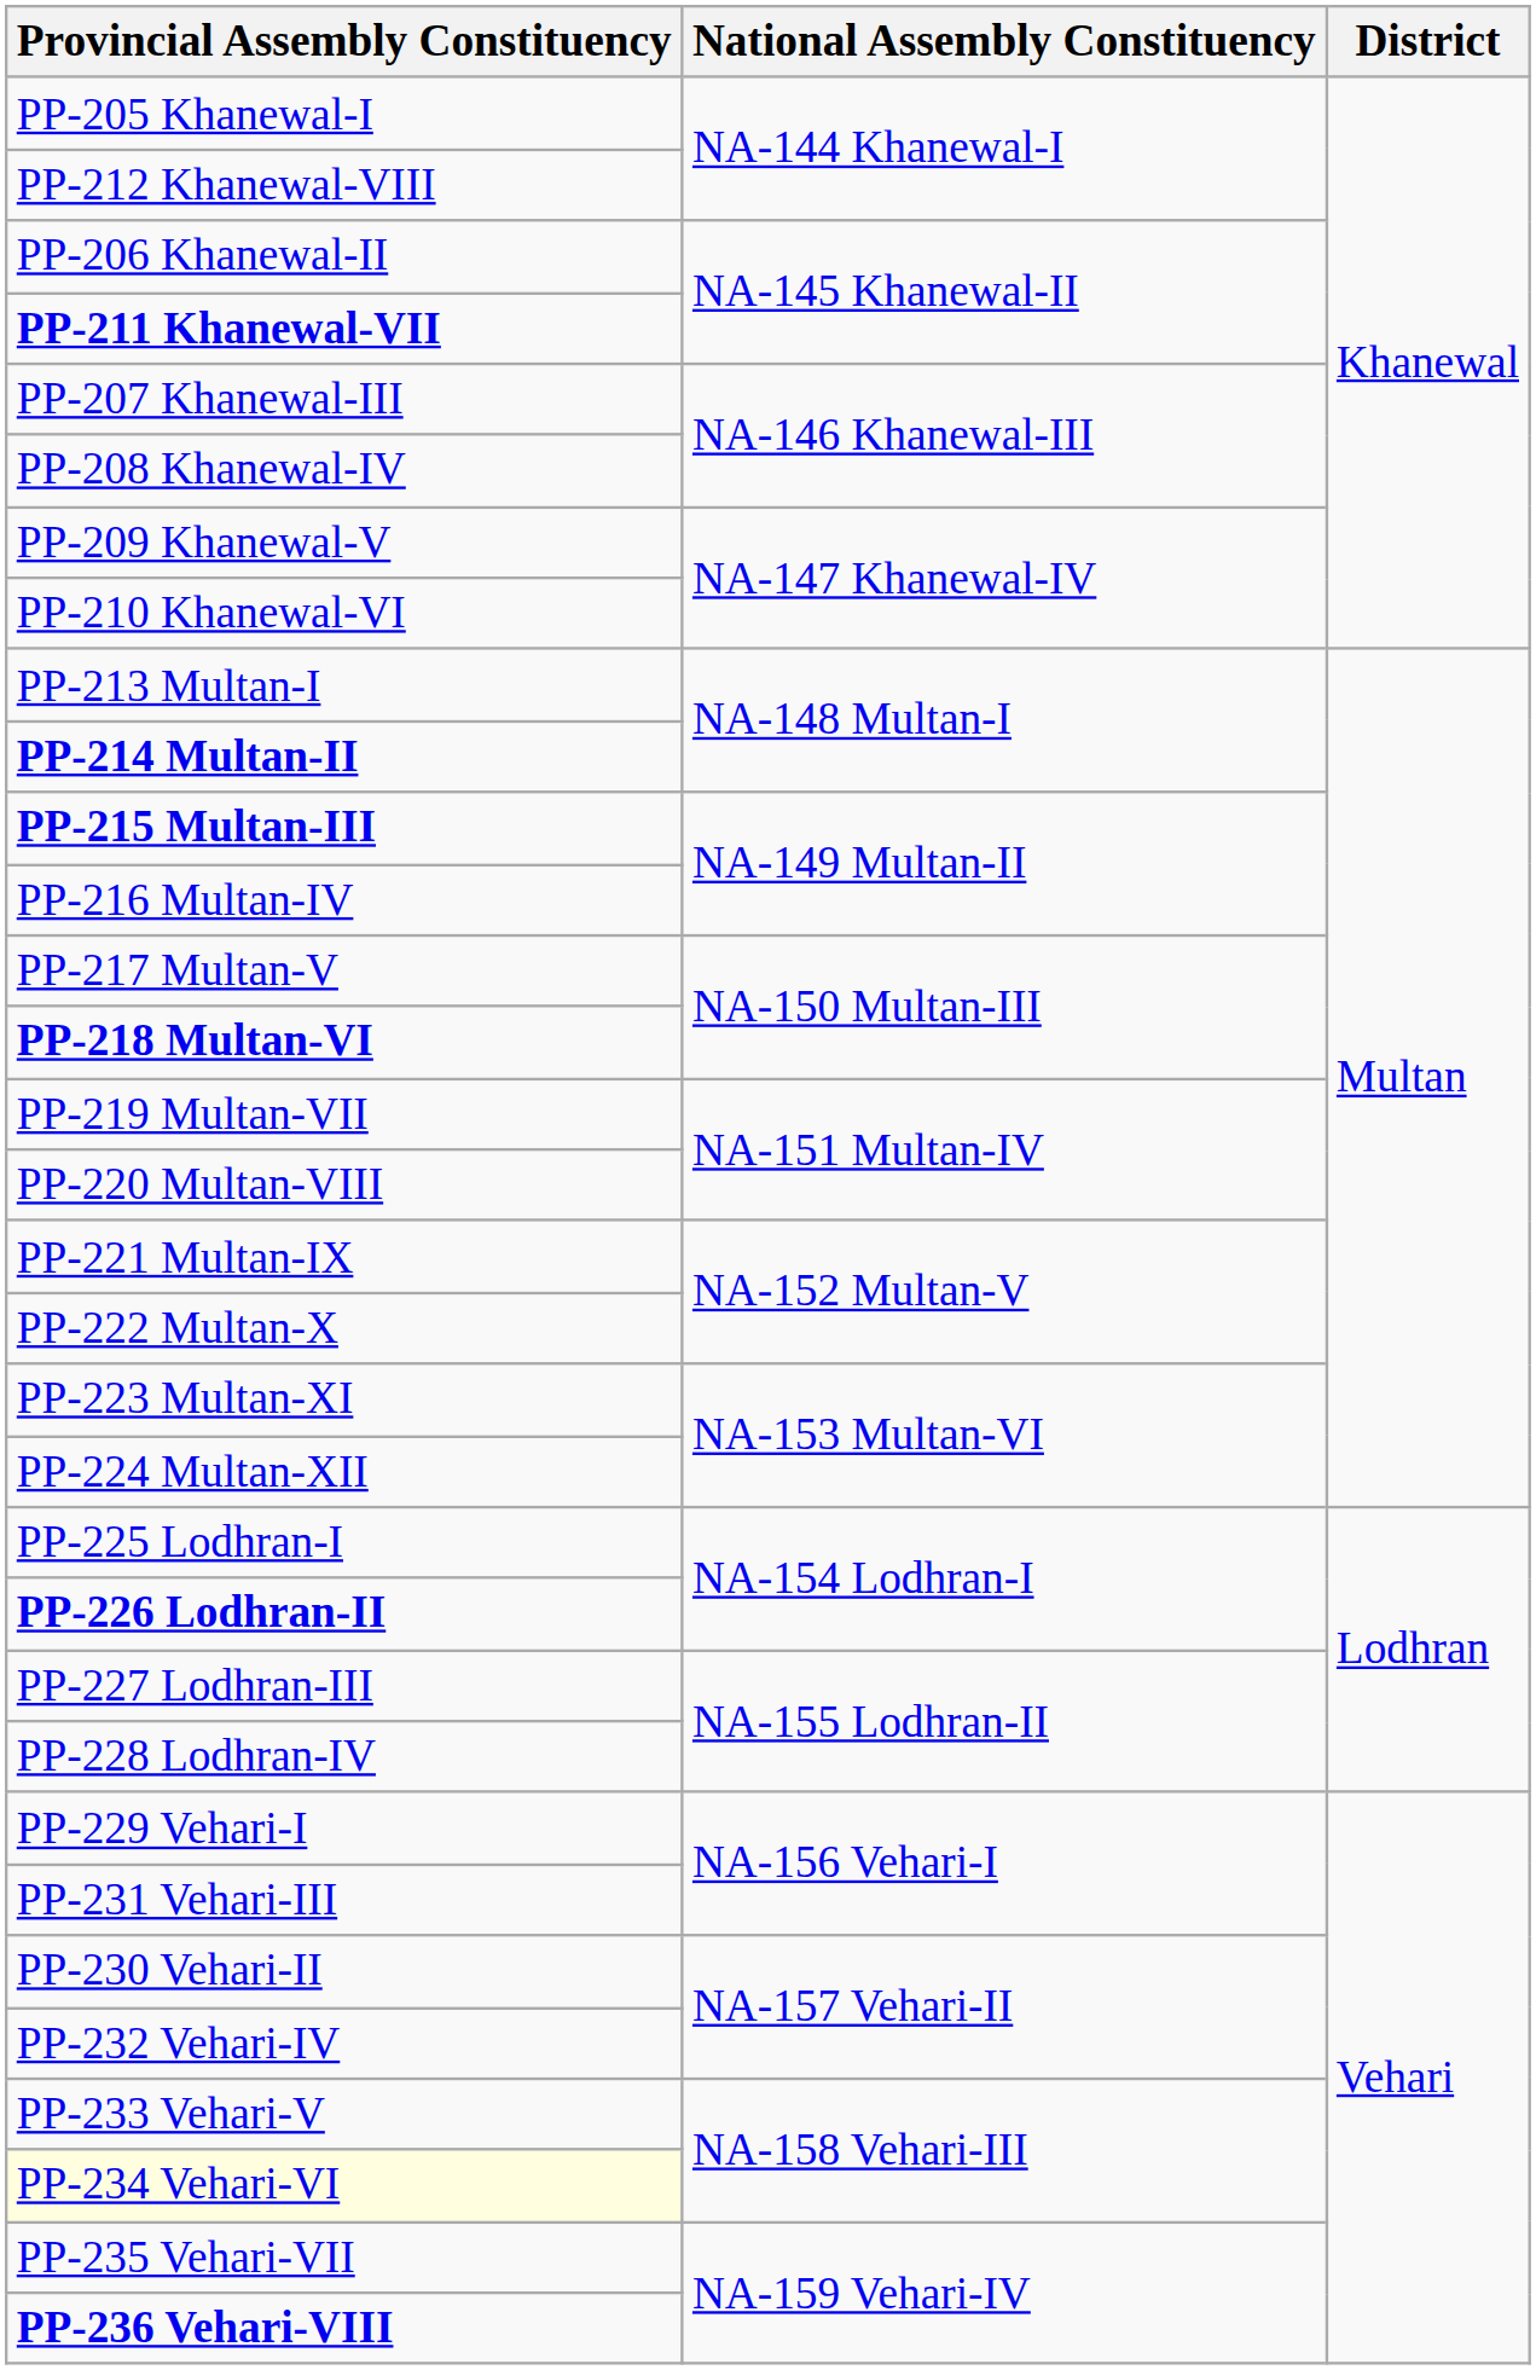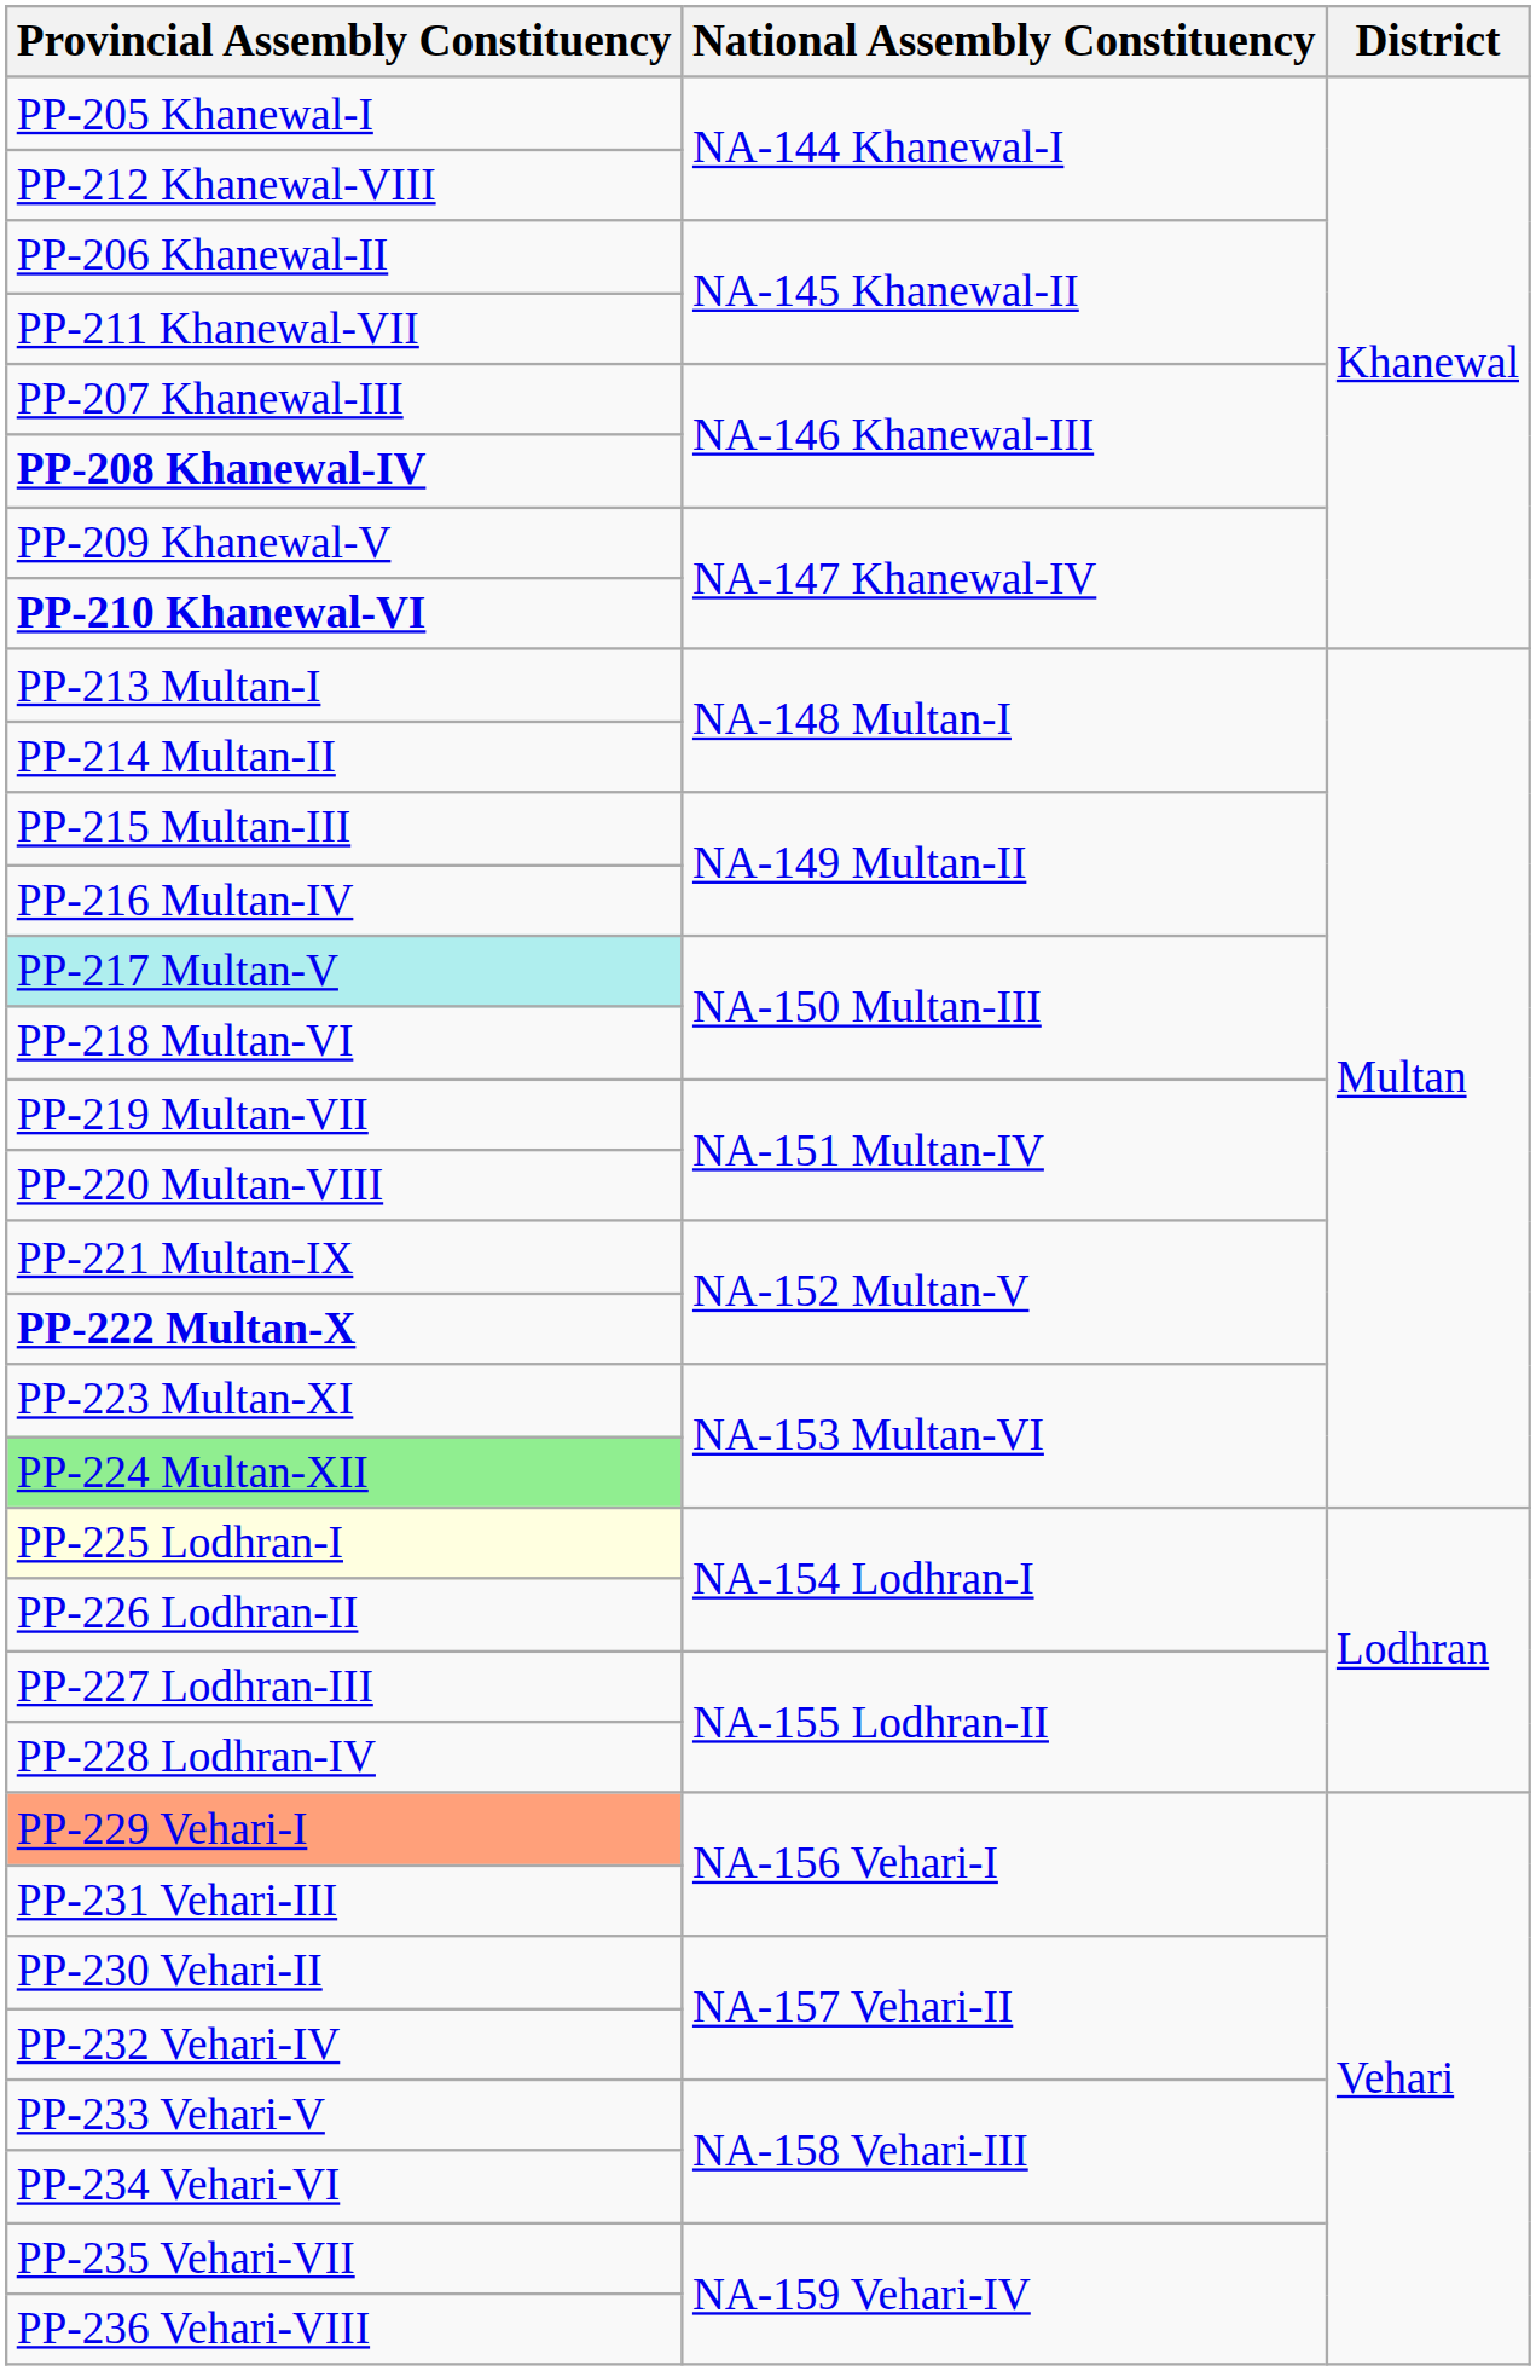 <table class="wikitable sortable static-row-numbers static-row-header-hash">
 <tr>
 <th>Provincial Assembly Constituency</th>
 <th>National Assembly Constituency</th>
 <th>District</th>
 </tr>
 <tr>
 <td><a href='#'>PP-205 Khanewal-I</a></td>
 <td rowspan="2"><a href='#'>NA-144 Khanewal-I</a></td>
 <td rowspan="8"><a href='#'>Khanewal</a></td>
 </tr>
 <tr>
 <td><a href='#'>PP-212 Khanewal-VIII</a></td>
 </tr>
 <tr>
 <td><a href='#'>PP-206 Khanewal-II</a></td>
 <td rowspan="2"><a href='#'>NA-145 Khanewal-II</a></td>
 </tr>
 <tr>
-<td><strong><a href='#'>PP-211 Khanewal-VII</a></strong></td>
+<td><a href='#'>PP-211 Khanewal-VII</a></td>
 </tr>
 <tr>
 <td><a href='#'>PP-207 Khanewal-III</a></td>
 <td rowspan="2"><a href='#'>NA-146 Khanewal-III</a></td>
 </tr>
 <tr>
-<td><a href='#'>PP-208 Khanewal-IV</a></td>
+<td><strong><a href='#'>PP-208 Khanewal-IV</a></strong></td>
 </tr>
 <tr>
 <td><a href='#'>PP-209 Khanewal-V</a></td>
 <td rowspan="2"><a href='#'>NA-147 Khanewal-IV</a></td>
 </tr>
 <tr>
-<td><a href='#'>PP-210 Khanewal-VI</a></td>
+<td><strong><a href='#'>PP-210 Khanewal-VI</a></strong></td>
 </tr>
 <tr>
 <td><a href='#'>PP-213 Multan-I</a></td>
 <td rowspan="2"><a href='#'>NA-148 Multan-I</a></td>
 <td rowspan="12"><a href='#'>Multan</a></td>
 </tr>
 <tr>
-<td><strong><a href='#'>PP-214 Multan-II</a></strong></td>
+<td><a href='#'>PP-214 Multan-II</a></td>
 </tr>
 <tr>
-<td><strong><a href='#'>PP-215 Multan-III</a></strong></td>
+<td><a href='#'>PP-215 Multan-III</a></td>
 <td rowspan="2"><a href='#'>NA-149 Multan-II</a></td>
 </tr>
 <tr>
 <td><a href='#'>PP-216 Multan-IV</a></td>
 </tr>
 <tr>
-<td><a href='#'>PP-217 Multan-V</a></td>
+<td style="background: paleturquoise;"><a href='#'>PP-217 Multan-V</a></td>
 <td rowspan="2"><a href='#'>NA-150 Multan-III</a></td>
 </tr>
 <tr>
-<td><strong><a href='#'>PP-218 Multan-VI</a></strong></td>
+<td><a href='#'>PP-218 Multan-VI</a></td>
 </tr>
 <tr>
 <td><a href='#'>PP-219 Multan-VII</a></td>
 <td rowspan="2"><a href='#'>NA-151 Multan-IV</a></td>
 </tr>
 <tr>
 <td><a href='#'>PP-220 Multan-VIII</a></td>
 </tr>
 <tr>
 <td><a href='#'>PP-221 Multan-IX</a></td>
 <td rowspan="2"><a href='#'>NA-152 Multan-V</a></td>
 </tr>
 <tr>
-<td><a href='#'>PP-222 Multan-X</a></td>
+<td><strong><a href='#'>PP-222 Multan-X</a></strong></td>
 </tr>
 <tr>
 <td><a href='#'>PP-223 Multan-XI</a></td>
 <td rowspan="2"><a href='#'>NA-153 Multan-VI</a></td>
 </tr>
 <tr>
-<td><a href='#'>PP-224 Multan-XII</a></td>
+<td style="background: lightgreen;"><a href='#'>PP-224 Multan-XII</a></td>
 </tr>
 <tr>
-<td><a href='#'>PP-225 Lodhran-I</a></td>
+<td style="background: lightyellow;"><a href='#'>PP-225 Lodhran-I</a></td>
 <td rowspan="2"><a href='#'>NA-154 Lodhran-I</a></td>
 <td rowspan="4"><a href='#'>Lodhran</a></td>
 </tr>
 <tr>
-<td><strong><a href='#'>PP-226 Lodhran-II</a></strong></td>
+<td><a href='#'>PP-226 Lodhran-II</a></td>
 </tr>
 <tr>
 <td><a href='#'>PP-227 Lodhran-III</a></td>
 <td rowspan="2"><a href='#'>NA-155 Lodhran-II</a></td>
 </tr>
 <tr>
 <td><a href='#'>PP-228 Lodhran-IV</a></td>
 </tr>
 <tr>
-<td><a href='#'>PP-229 Vehari-I</a></td>
+<td style="background: lightsalmon;"><a href='#'>PP-229 Vehari-I</a></td>
 <td rowspan="2"><a href='#'>NA-156 Vehari-I</a></td>
 <td rowspan="8"><a href='#'>Vehari</a></td>
 </tr>
 <tr>
 <td><a href='#'>PP-231 Vehari-III</a></td>
 </tr>
 <tr>
 <td><a href='#'>PP-230 Vehari-II</a></td>
 <td rowspan="2"><a href='#'>NA-157 Vehari-II</a></td>
 </tr>
 <tr>
 <td><a href='#'>PP-232 Vehari-IV</a></td>
 </tr>
 <tr>
 <td><a href='#'>PP-233 Vehari-V</a></td>
 <td rowspan="2"><a href='#'>NA-158 Vehari-III</a></td>
 </tr>
 <tr>
-<td style="background: lightyellow;"><a href='#'>PP-234 Vehari-VI</a></td>
+<td><a href='#'>PP-234 Vehari-VI</a></td>
 </tr>
 <tr>
 <td><a href='#'>PP-235 Vehari-VII</a></td>
 <td rowspan="2"><a href='#'>NA-159 Vehari-IV</a></td>
 </tr>
 <tr>
-<td><strong><a href='#'>PP-236 Vehari-VIII</a></strong></td>
+<td><a href='#'>PP-236 Vehari-VIII</a></td>
 </tr>
 </table>
